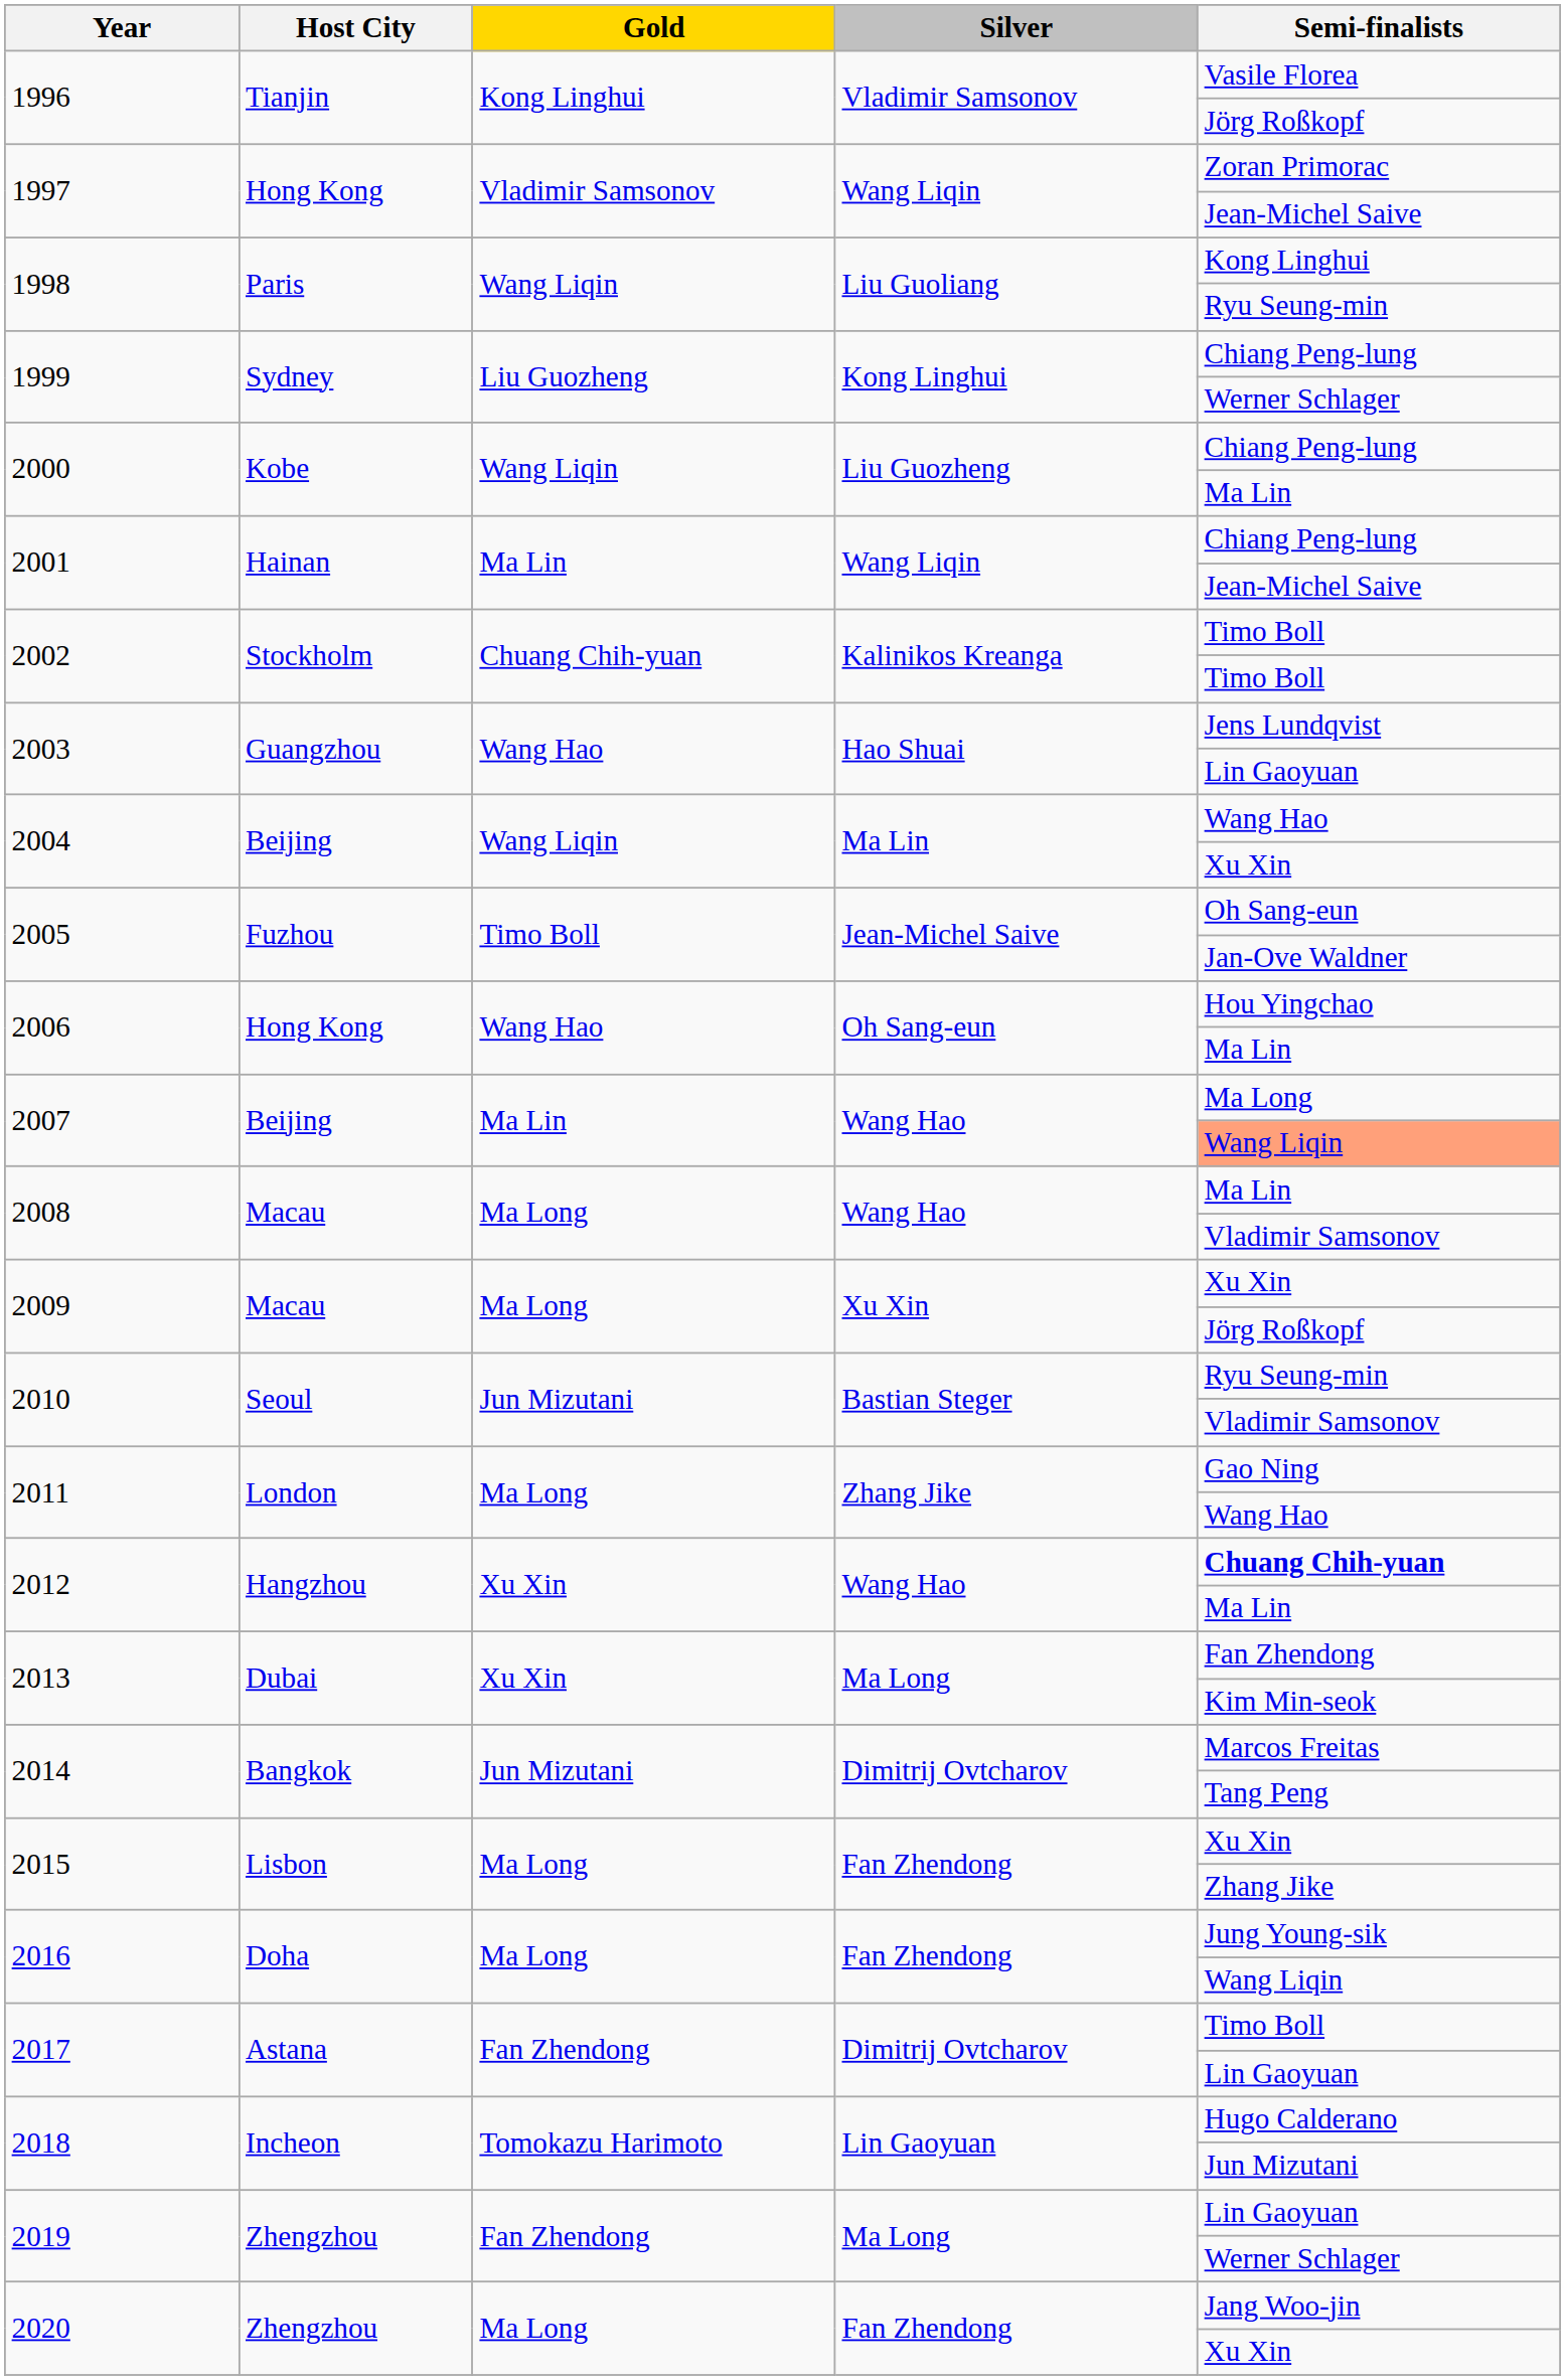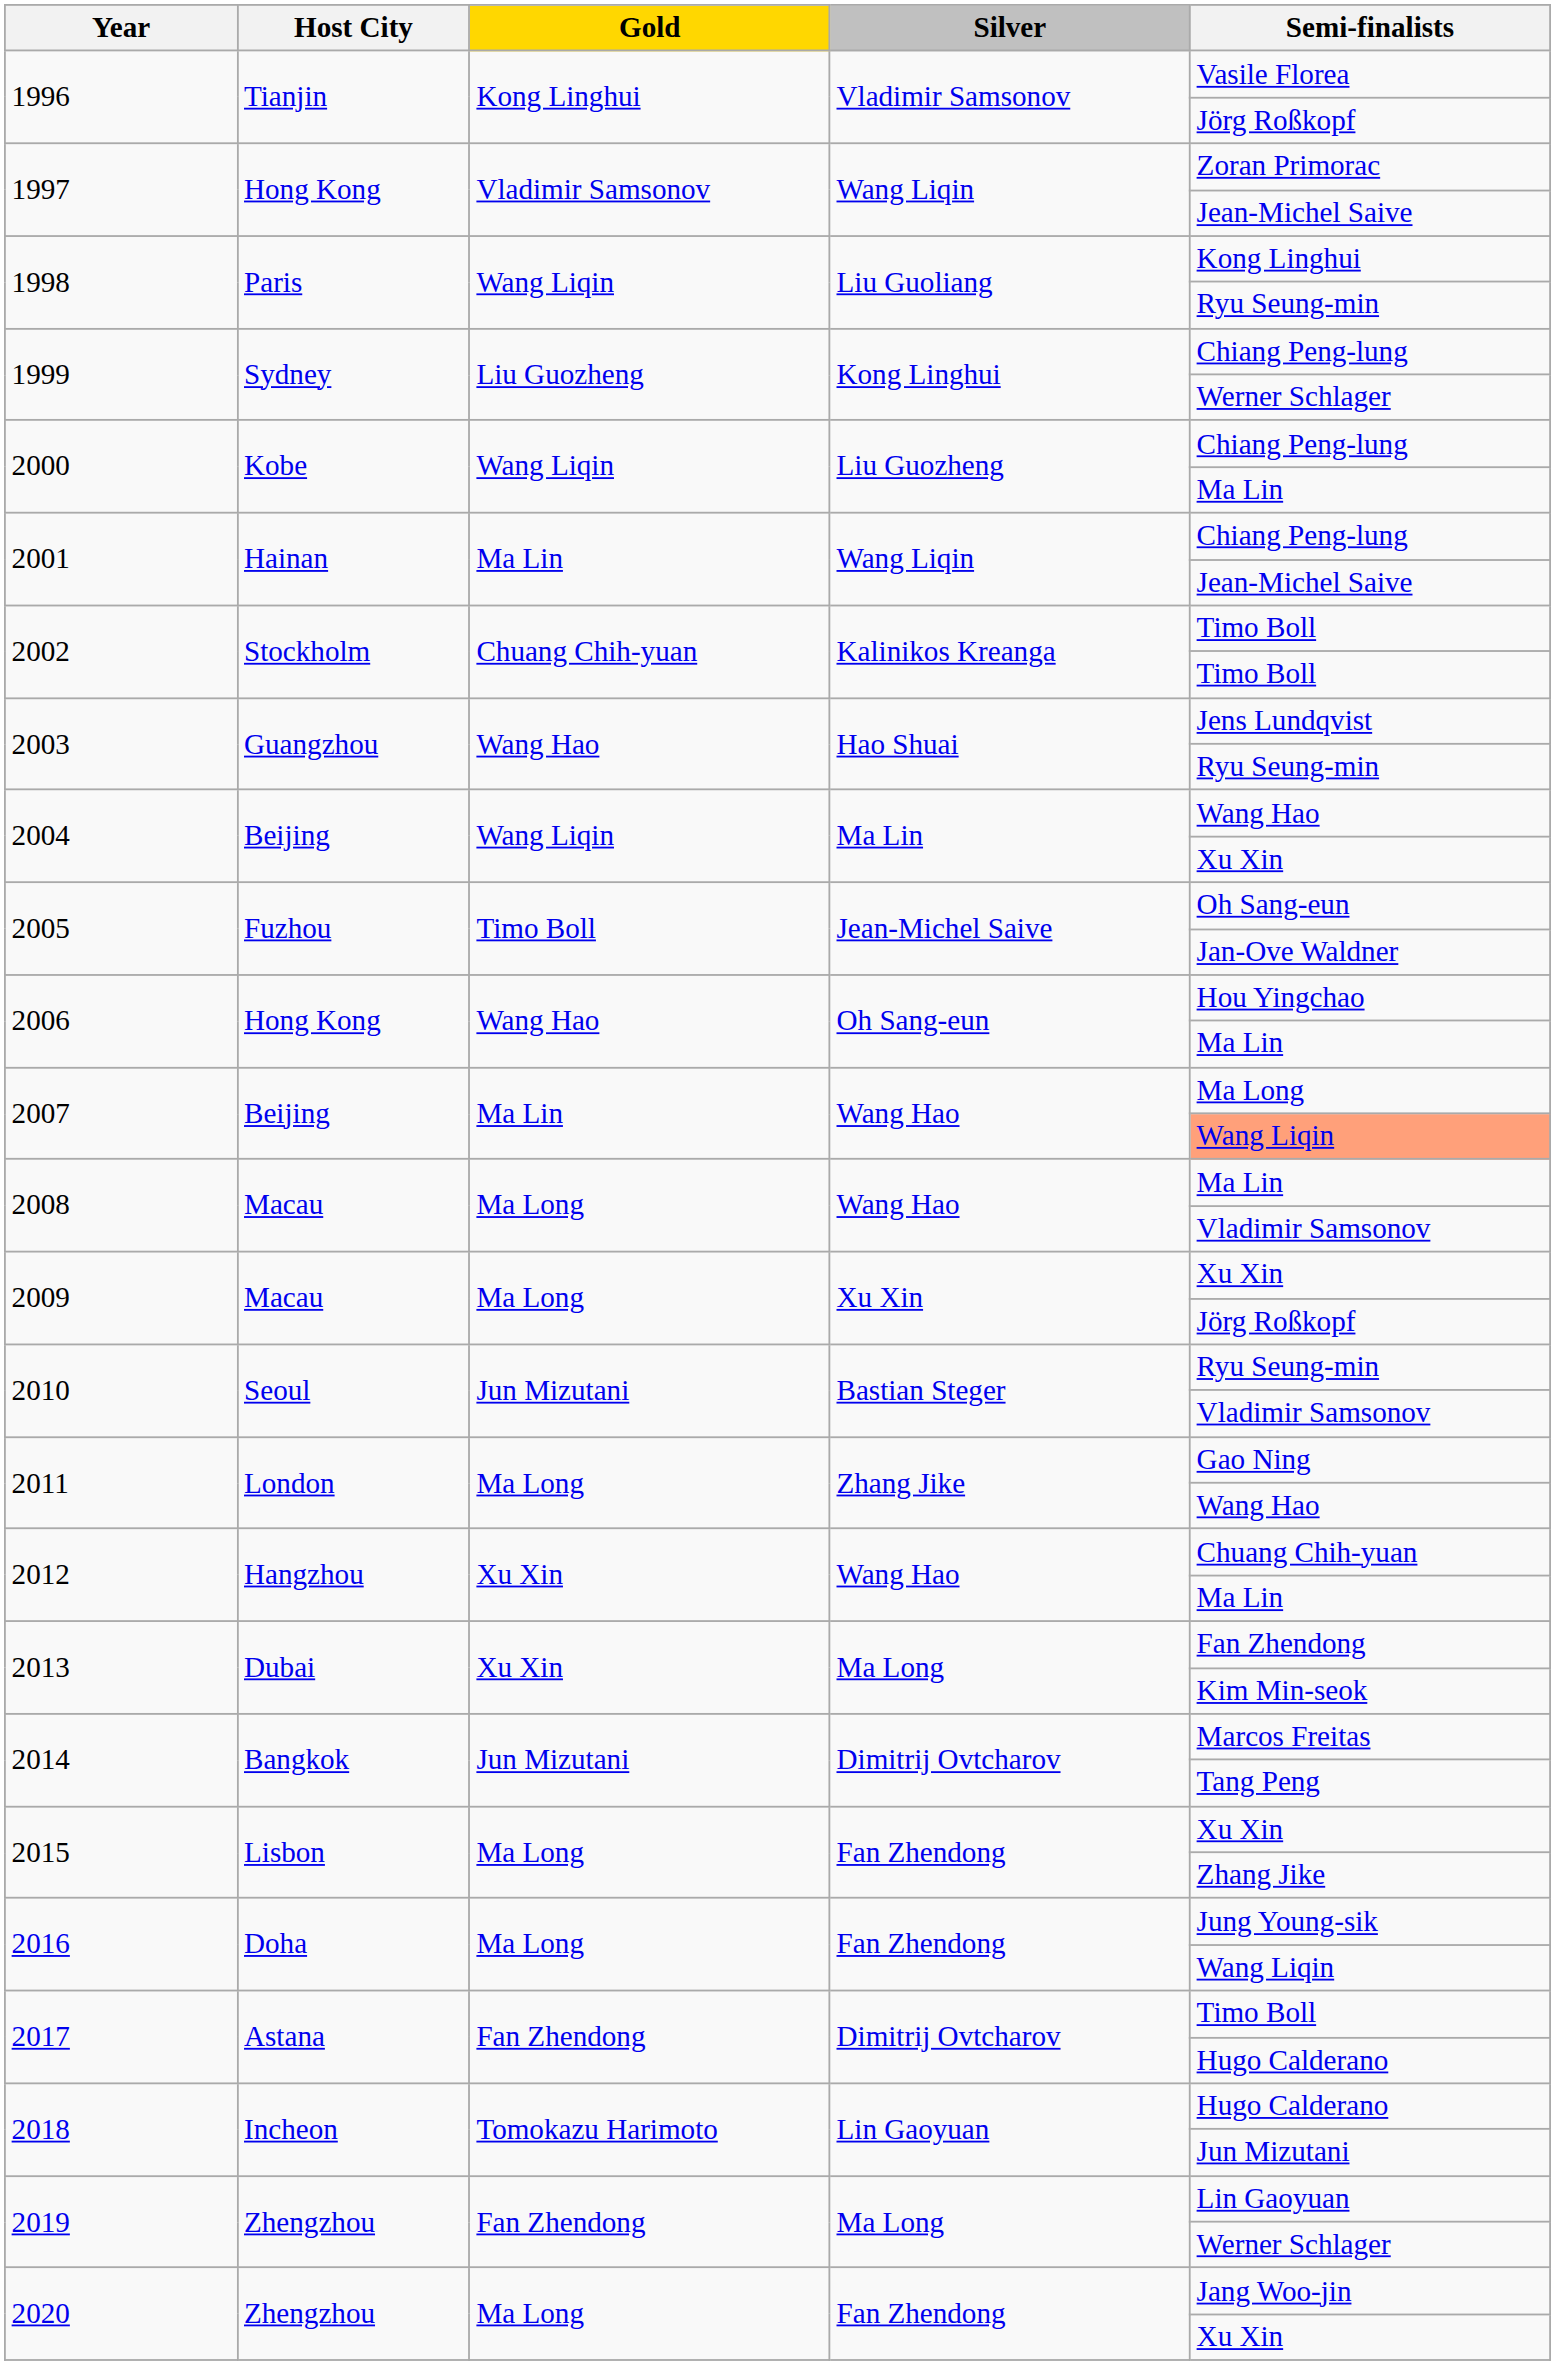 <table class="wikitable" style="text-align: left; width: 850px;">
 <tr>
 <th width="120">Year</th>
 <th width="120">Host City</th>
 <th width="190" style="background-color: gold">Gold</th>
 <th width="190" style="background-color: silver">Silver</th>
 <th width="190">Semi-finalists</th>
 </tr>
 <tr>
 <td rowspan=2>1996</td>
 <td rowspan=2><a href='#'>Tianjin</a></td>
 <td rowspan=2> <a href='#'>Kong Linghui</a></td>
 <td rowspan=2> <a href='#'>Vladimir Samsonov</a></td>
 <td> <a href='#'>Vasile Florea</a></td>
 </tr>
 <tr>
 <td> <a href='#'>Jörg Roßkopf</a></td>
 </tr>
 <tr>
 <td rowspan=2>1997</td>
 <td rowspan=2><a href='#'>Hong Kong</a></td>
 <td rowspan=2> <a href='#'>Vladimir Samsonov</a></td>
 <td rowspan=2> <a href='#'>Wang Liqin</a></td>
 <td> <a href='#'>Zoran Primorac</a></td>
 </tr>
 <tr>
 <td> <a href='#'>Jean-Michel Saive</a></td>
 </tr>
 <tr>
 <td rowspan=2>1998</td>
 <td rowspan=2><a href='#'>Paris</a></td>
 <td rowspan=2> <a href='#'>Wang Liqin</a></td>
 <td rowspan=2> <a href='#'>Liu Guoliang</a></td>
 <td> <a href='#'>Kong Linghui</a></td>
 </tr>
 <tr>
 <td> <a href='#'>Ryu Seung-min</a></td>
 </tr>
 <tr>
 <td rowspan=2>1999</td>
 <td rowspan=2><a href='#'>Sydney</a></td>
 <td rowspan=2> <a href='#'>Liu Guozheng</a></td>
 <td rowspan=2> <a href='#'>Kong Linghui</a></td>
 <td> <a href='#'>Chiang Peng-lung</a></td>
 </tr>
 <tr>
 <td> <a href='#'>Werner Schlager</a></td>
 </tr>
 <tr>
 <td rowspan=2>2000</td>
 <td rowspan=2><a href='#'>Kobe</a></td>
 <td rowspan=2> <a href='#'>Wang Liqin</a></td>
 <td rowspan=2> <a href='#'>Liu Guozheng</a></td>
 <td> <a href='#'>Chiang Peng-lung</a></td>
 </tr>
 <tr>
 <td> <a href='#'>Ma Lin</a></td>
 </tr>
 <tr>
 <td rowspan=2>2001</td>
 <td rowspan=2><a href='#'>Hainan</a></td>
 <td rowspan=2> <a href='#'>Ma Lin</a></td>
 <td rowspan=2> <a href='#'>Wang Liqin</a></td>
 <td> <a href='#'>Chiang Peng-lung</a></td>
 </tr>
 <tr>
 <td> <a href='#'>Jean-Michel Saive</a></td>
 </tr>
 <tr>
 <td rowspan=2>2002</td>
 <td rowspan=2><a href='#'>Stockholm</a></td>
 <td rowspan=2> <a href='#'>Chuang Chih-yuan</a></td>
 <td rowspan=2> <a href='#'>Kalinikos Kreanga</a></td>
 <td> <a href='#'>Timo Boll</a></td>
 </tr>
 <tr>
 <td> <a href='#'>Timo Boll</a></td>
 </tr>
 <tr>
 <td rowspan=2>2003</td>
 <td rowspan=2><a href='#'>Guangzhou</a></td>
 <td rowspan=2> <a href='#'>Wang Hao</a></td>
 <td rowspan=2> <a href='#'>Hao Shuai</a></td>
 <td> <a href='#'>Jens Lundqvist</a></td>
 </tr>
 <tr>
-<td> <a href='#'>Lin Gaoyuan</a></td>
+<td> <a href='#'>Ryu Seung-min</a></td>
 </tr>
 <tr>
 <td rowspan=2>2004</td>
 <td rowspan=2><a href='#'>Beijing</a></td>
 <td rowspan=2> <a href='#'>Wang Liqin</a></td>
 <td rowspan=2> <a href='#'>Ma Lin</a></td>
 <td> <a href='#'>Wang Hao</a></td>
 </tr>
 <tr>
 <td> <a href='#'>Xu Xin</a></td>
 </tr>
 <tr>
 <td rowspan=2>2005</td>
 <td rowspan=2><a href='#'>Fuzhou</a></td>
 <td rowspan=2> <a href='#'>Timo Boll</a></td>
 <td rowspan=2> <a href='#'>Jean-Michel Saive</a></td>
 <td> <a href='#'>Oh Sang-eun</a></td>
 </tr>
 <tr>
 <td> <a href='#'>Jan-Ove Waldner</a></td>
 </tr>
 <tr>
 <td rowspan=2>2006</td>
 <td rowspan=2><a href='#'>Hong Kong</a></td>
 <td rowspan=2> <a href='#'>Wang Hao</a></td>
 <td rowspan=2> <a href='#'>Oh Sang-eun</a></td>
 <td> <a href='#'>Hou Yingchao</a></td>
 </tr>
 <tr>
 <td> <a href='#'>Ma Lin</a></td>
 </tr>
 <tr>
 <td rowspan=2>2007</td>
 <td rowspan=2><a href='#'>Beijing</a></td>
 <td rowspan=2> <a href='#'>Ma Lin</a></td>
 <td rowspan=2> <a href='#'>Wang Hao</a></td>
 <td> <a href='#'>Ma Long</a></td>
 </tr>
 <tr>
 <td style="background: lightsalmon;"> <a href='#'>Wang Liqin</a></td>
 </tr>
 <tr>
 <td rowspan=2>2008</td>
 <td rowspan=2><a href='#'>Macau</a></td>
 <td rowspan=2> <a href='#'>Ma Long</a></td>
 <td rowspan=2> <a href='#'>Wang Hao</a></td>
 <td> <a href='#'>Ma Lin</a></td>
 </tr>
 <tr>
 <td> <a href='#'>Vladimir Samsonov</a></td>
 </tr>
 <tr>
 <td rowspan=2>2009</td>
 <td rowspan=2><a href='#'>Macau</a></td>
 <td rowspan=2> <a href='#'>Ma Long</a></td>
 <td rowspan=2> <a href='#'>Xu Xin</a></td>
 <td> <a href='#'>Xu Xin</a></td>
 </tr>
 <tr>
 <td> <a href='#'>Jörg Roßkopf</a></td>
 </tr>
 <tr>
 <td rowspan=2>2010</td>
 <td rowspan=2><a href='#'>Seoul</a></td>
 <td rowspan=2> <a href='#'>Jun Mizutani</a></td>
 <td rowspan=2> <a href='#'>Bastian Steger</a></td>
 <td> <a href='#'>Ryu Seung-min</a></td>
 </tr>
 <tr>
 <td> <a href='#'>Vladimir Samsonov</a></td>
 </tr>
 <tr>
 <td rowspan=2>2011</td>
 <td rowspan=2><a href='#'>London</a></td>
 <td rowspan=2> <a href='#'>Ma Long</a></td>
 <td rowspan=2> <a href='#'>Zhang Jike</a></td>
 <td> <a href='#'>Gao Ning</a></td>
 </tr>
 <tr>
 <td> <a href='#'>Wang Hao</a></td>
 </tr>
 <tr>
 <td rowspan=2>2012</td>
 <td rowspan=2><a href='#'>Hangzhou</a></td>
 <td rowspan=2> <a href='#'>Xu Xin</a></td>
 <td rowspan=2> <a href='#'>Wang Hao</a></td>
-<td><strong> <a href='#'>Chuang Chih-yuan</a></strong></td>
+<td> <a href='#'>Chuang Chih-yuan</a></td>
 </tr>
 <tr>
 <td> <a href='#'>Ma Lin</a></td>
 </tr>
 <tr>
 <td rowspan=2>2013</td>
 <td rowspan=2><a href='#'>Dubai</a></td>
 <td rowspan=2> <a href='#'>Xu Xin</a></td>
 <td rowspan=2> <a href='#'>Ma Long</a></td>
 <td> <a href='#'>Fan Zhendong</a></td>
 </tr>
 <tr>
 <td> <a href='#'>Kim Min-seok</a></td>
 </tr>
 <tr>
 <td rowspan=2>2014</td>
 <td rowspan=2><a href='#'>Bangkok</a></td>
 <td rowspan=2> <a href='#'>Jun Mizutani</a></td>
 <td rowspan=2> <a href='#'>Dimitrij Ovtcharov</a></td>
 <td> <a href='#'>Marcos Freitas</a></td>
 </tr>
 <tr>
 <td> <a href='#'>Tang Peng</a></td>
 </tr>
 <tr>
 <td rowspan=2>2015</td>
 <td rowspan=2><a href='#'>Lisbon</a></td>
 <td rowspan=2> <a href='#'>Ma Long</a></td>
 <td rowspan=2> <a href='#'>Fan Zhendong</a></td>
 <td> <a href='#'>Xu Xin</a></td>
 </tr>
 <tr>
 <td> <a href='#'>Zhang Jike</a></td>
 </tr>
 <tr>
 <td rowspan=2><a href='#'>2016</a></td>
 <td rowspan=2><a href='#'>Doha</a></td>
 <td rowspan=2> <a href='#'>Ma Long</a></td>
 <td rowspan=2> <a href='#'>Fan Zhendong</a></td>
 <td> <a href='#'>Jung Young-sik</a></td>
 </tr>
 <tr>
 <td> <a href='#'>Wang Liqin</a></td>
 </tr>
 <tr>
 <td rowspan=2><a href='#'>2017</a></td>
 <td rowspan=2><a href='#'>Astana</a></td>
 <td rowspan=2> <a href='#'>Fan Zhendong</a></td>
 <td rowspan=2> <a href='#'>Dimitrij Ovtcharov</a></td>
 <td> <a href='#'>Timo Boll</a></td>
 </tr>
 <tr>
-<td> <a href='#'>Lin Gaoyuan</a></td>
+<td> <a href='#'>Hugo Calderano</a></td>
 </tr>
 <tr>
 <td rowspan=2><a href='#'>2018</a></td>
 <td rowspan=2><a href='#'>Incheon</a></td>
 <td rowspan=2> <a href='#'>Tomokazu Harimoto</a></td>
 <td rowspan=2> <a href='#'>Lin Gaoyuan</a></td>
 <td> <a href='#'>Hugo Calderano</a></td>
 </tr>
 <tr>
 <td> <a href='#'>Jun Mizutani</a></td>
 </tr>
 <tr>
 <td rowspan=2><a href='#'>2019</a></td>
 <td rowspan=2><a href='#'>Zhengzhou</a></td>
 <td rowspan=2> <a href='#'>Fan Zhendong</a></td>
 <td rowspan=2> <a href='#'>Ma Long</a></td>
 <td> <a href='#'>Lin Gaoyuan</a></td>
 </tr>
 <tr>
 <td> <a href='#'>Werner Schlager</a></td>
 </tr>
 <tr>
 <td rowspan=2><a href='#'>2020</a></td>
 <td rowspan=2><a href='#'>Zhengzhou</a></td>
 <td rowspan=2> <a href='#'>Ma Long</a></td>
 <td rowspan=2> <a href='#'>Fan Zhendong</a></td>
 <td> <a href='#'>Jang Woo-jin</a></td>
 </tr>
 <tr>
 <td> <a href='#'>Xu Xin</a></td>
 </tr>
 </table>
